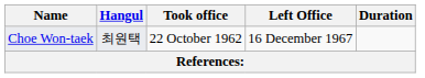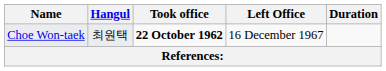 <table class="wikitable" style=text-align:center>
 <tr>
 <th>Name</th>
 <th class="unsortable"><a href='#'>Hangul</a></th>
 <th>Took office</th>
 <th>Left Office</th>
 <th>Duration</th>
 </tr>
 <tr>
 <td bgcolor = #EAECF0><a href='#'>Choe Won-taek</a></td>
 <td bgcolor = #EAECF0>최원택</td>
-<td>22 October 1962</td>
+<td><strong>22 October 1962</strong></td>
 <td>16 December 1967</td>
 <td></td>
 </tr>
 <tr>
 <th colspan="5" unsortable><strong>References:</strong><br></th>
 </tr>
 </table>
